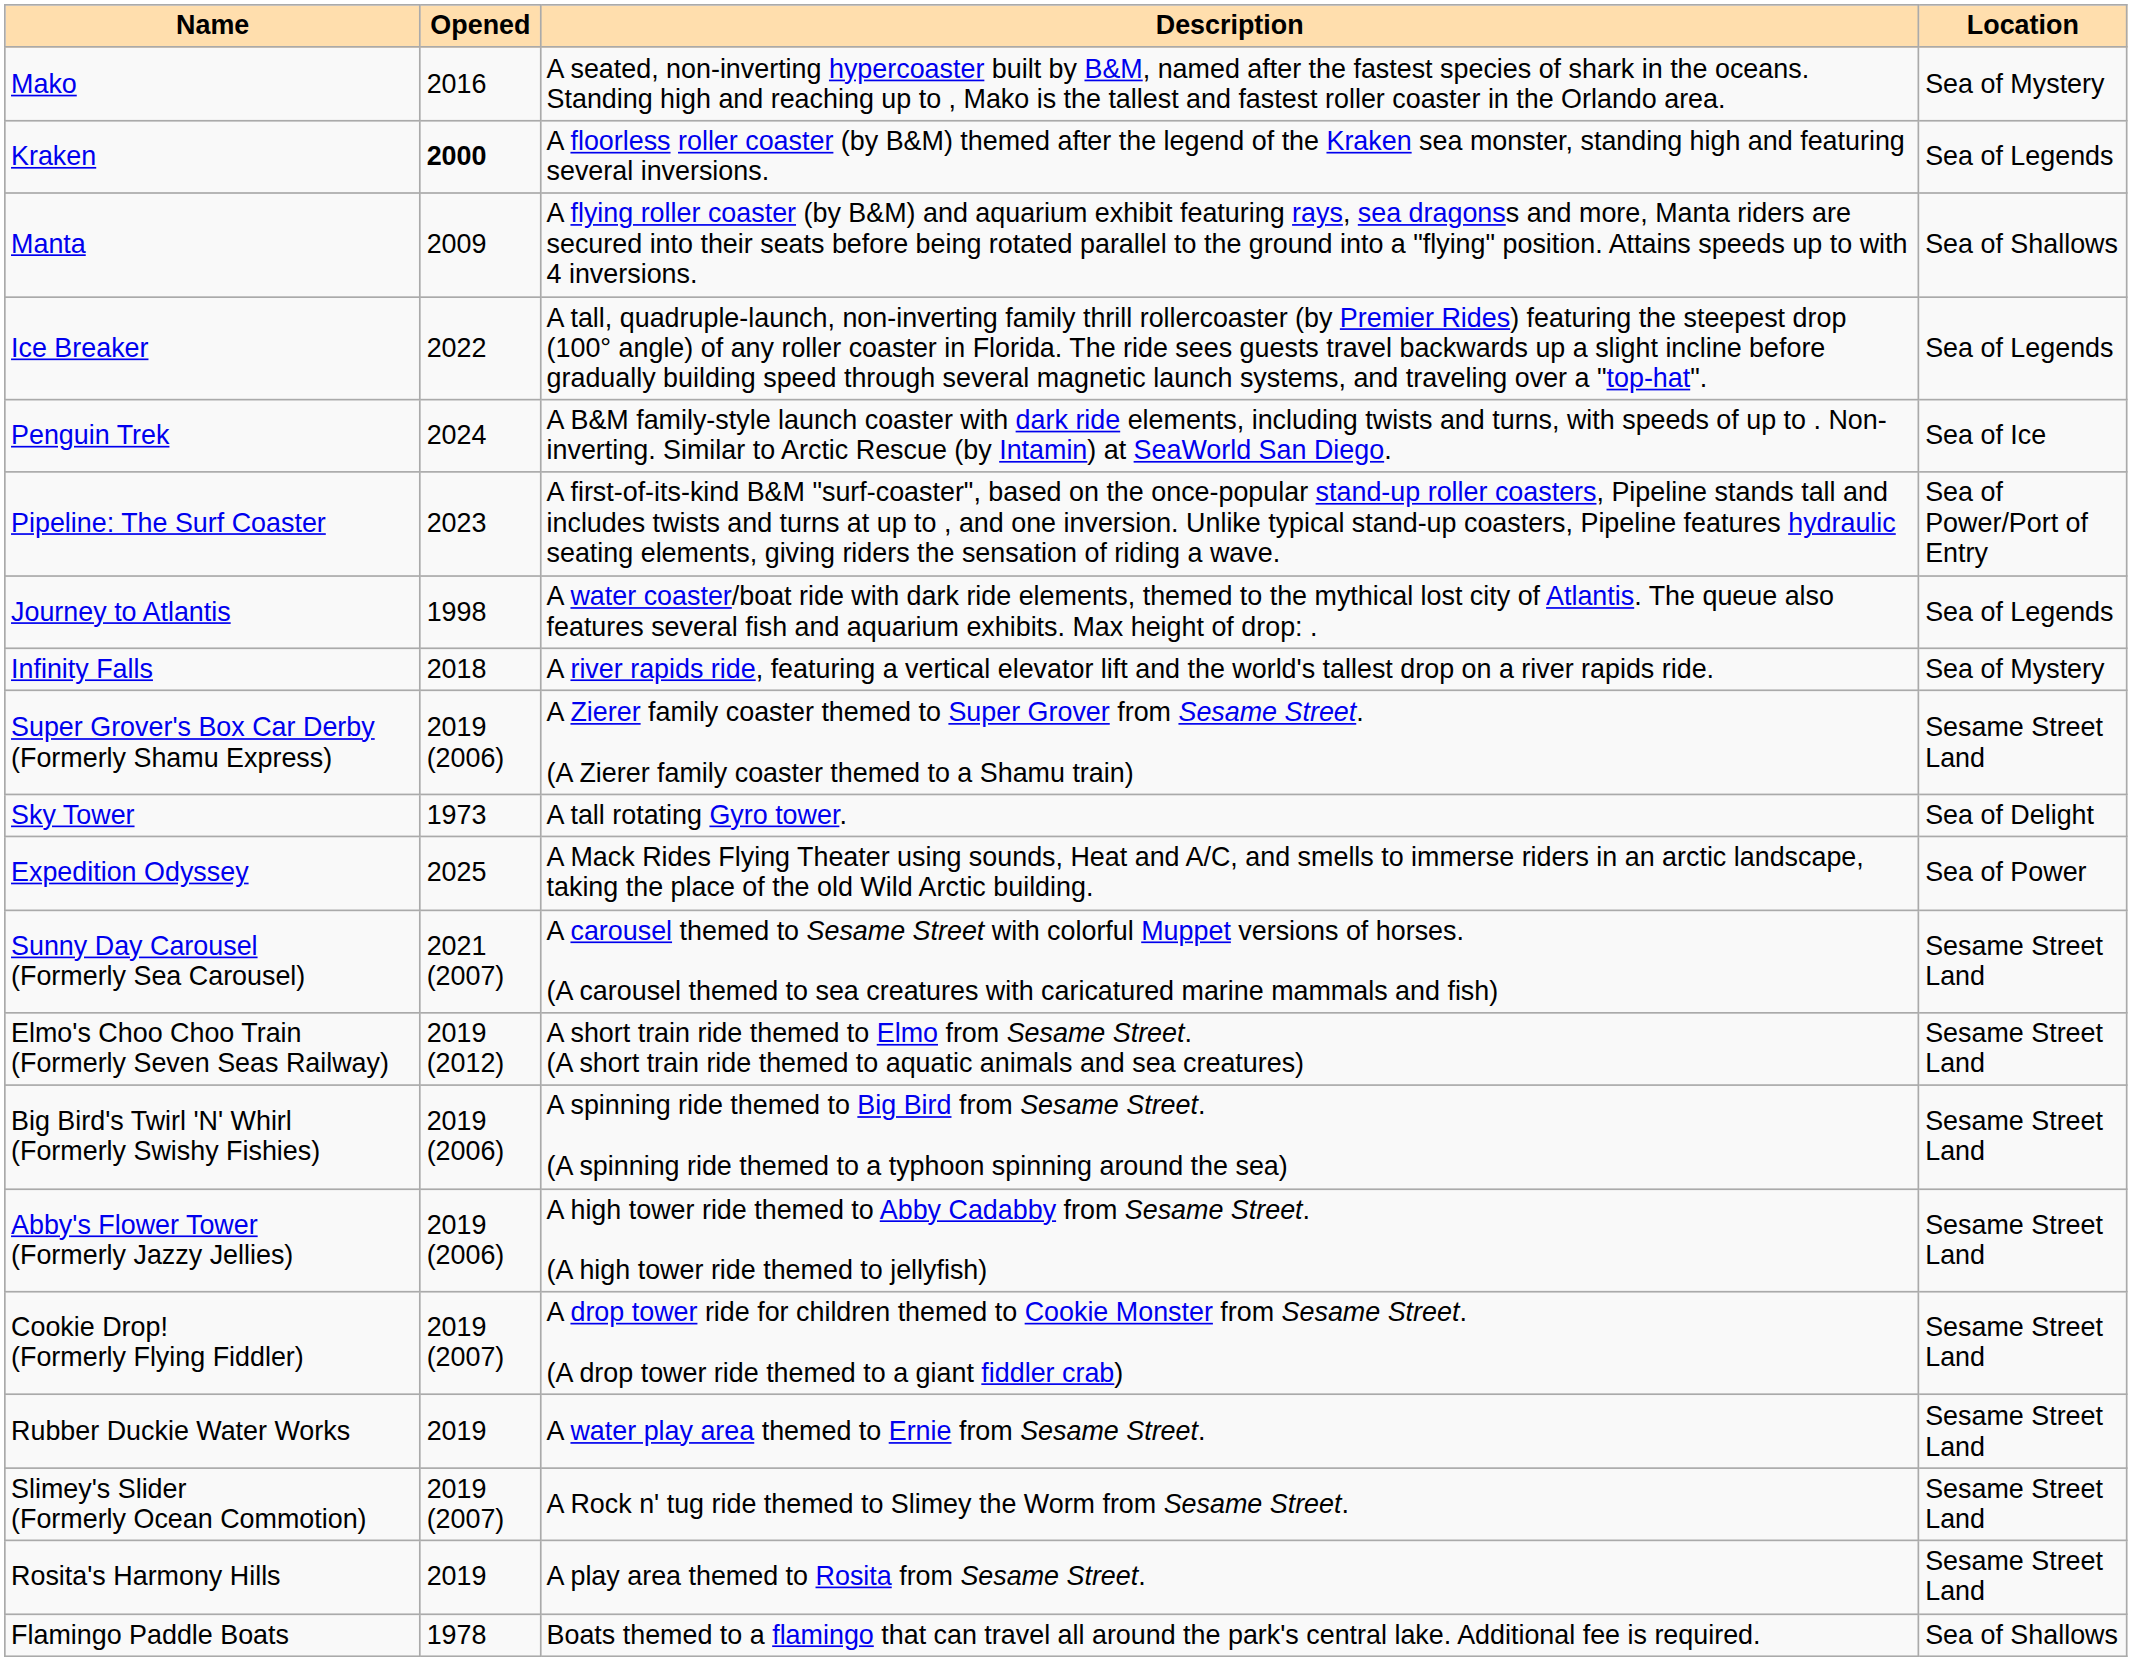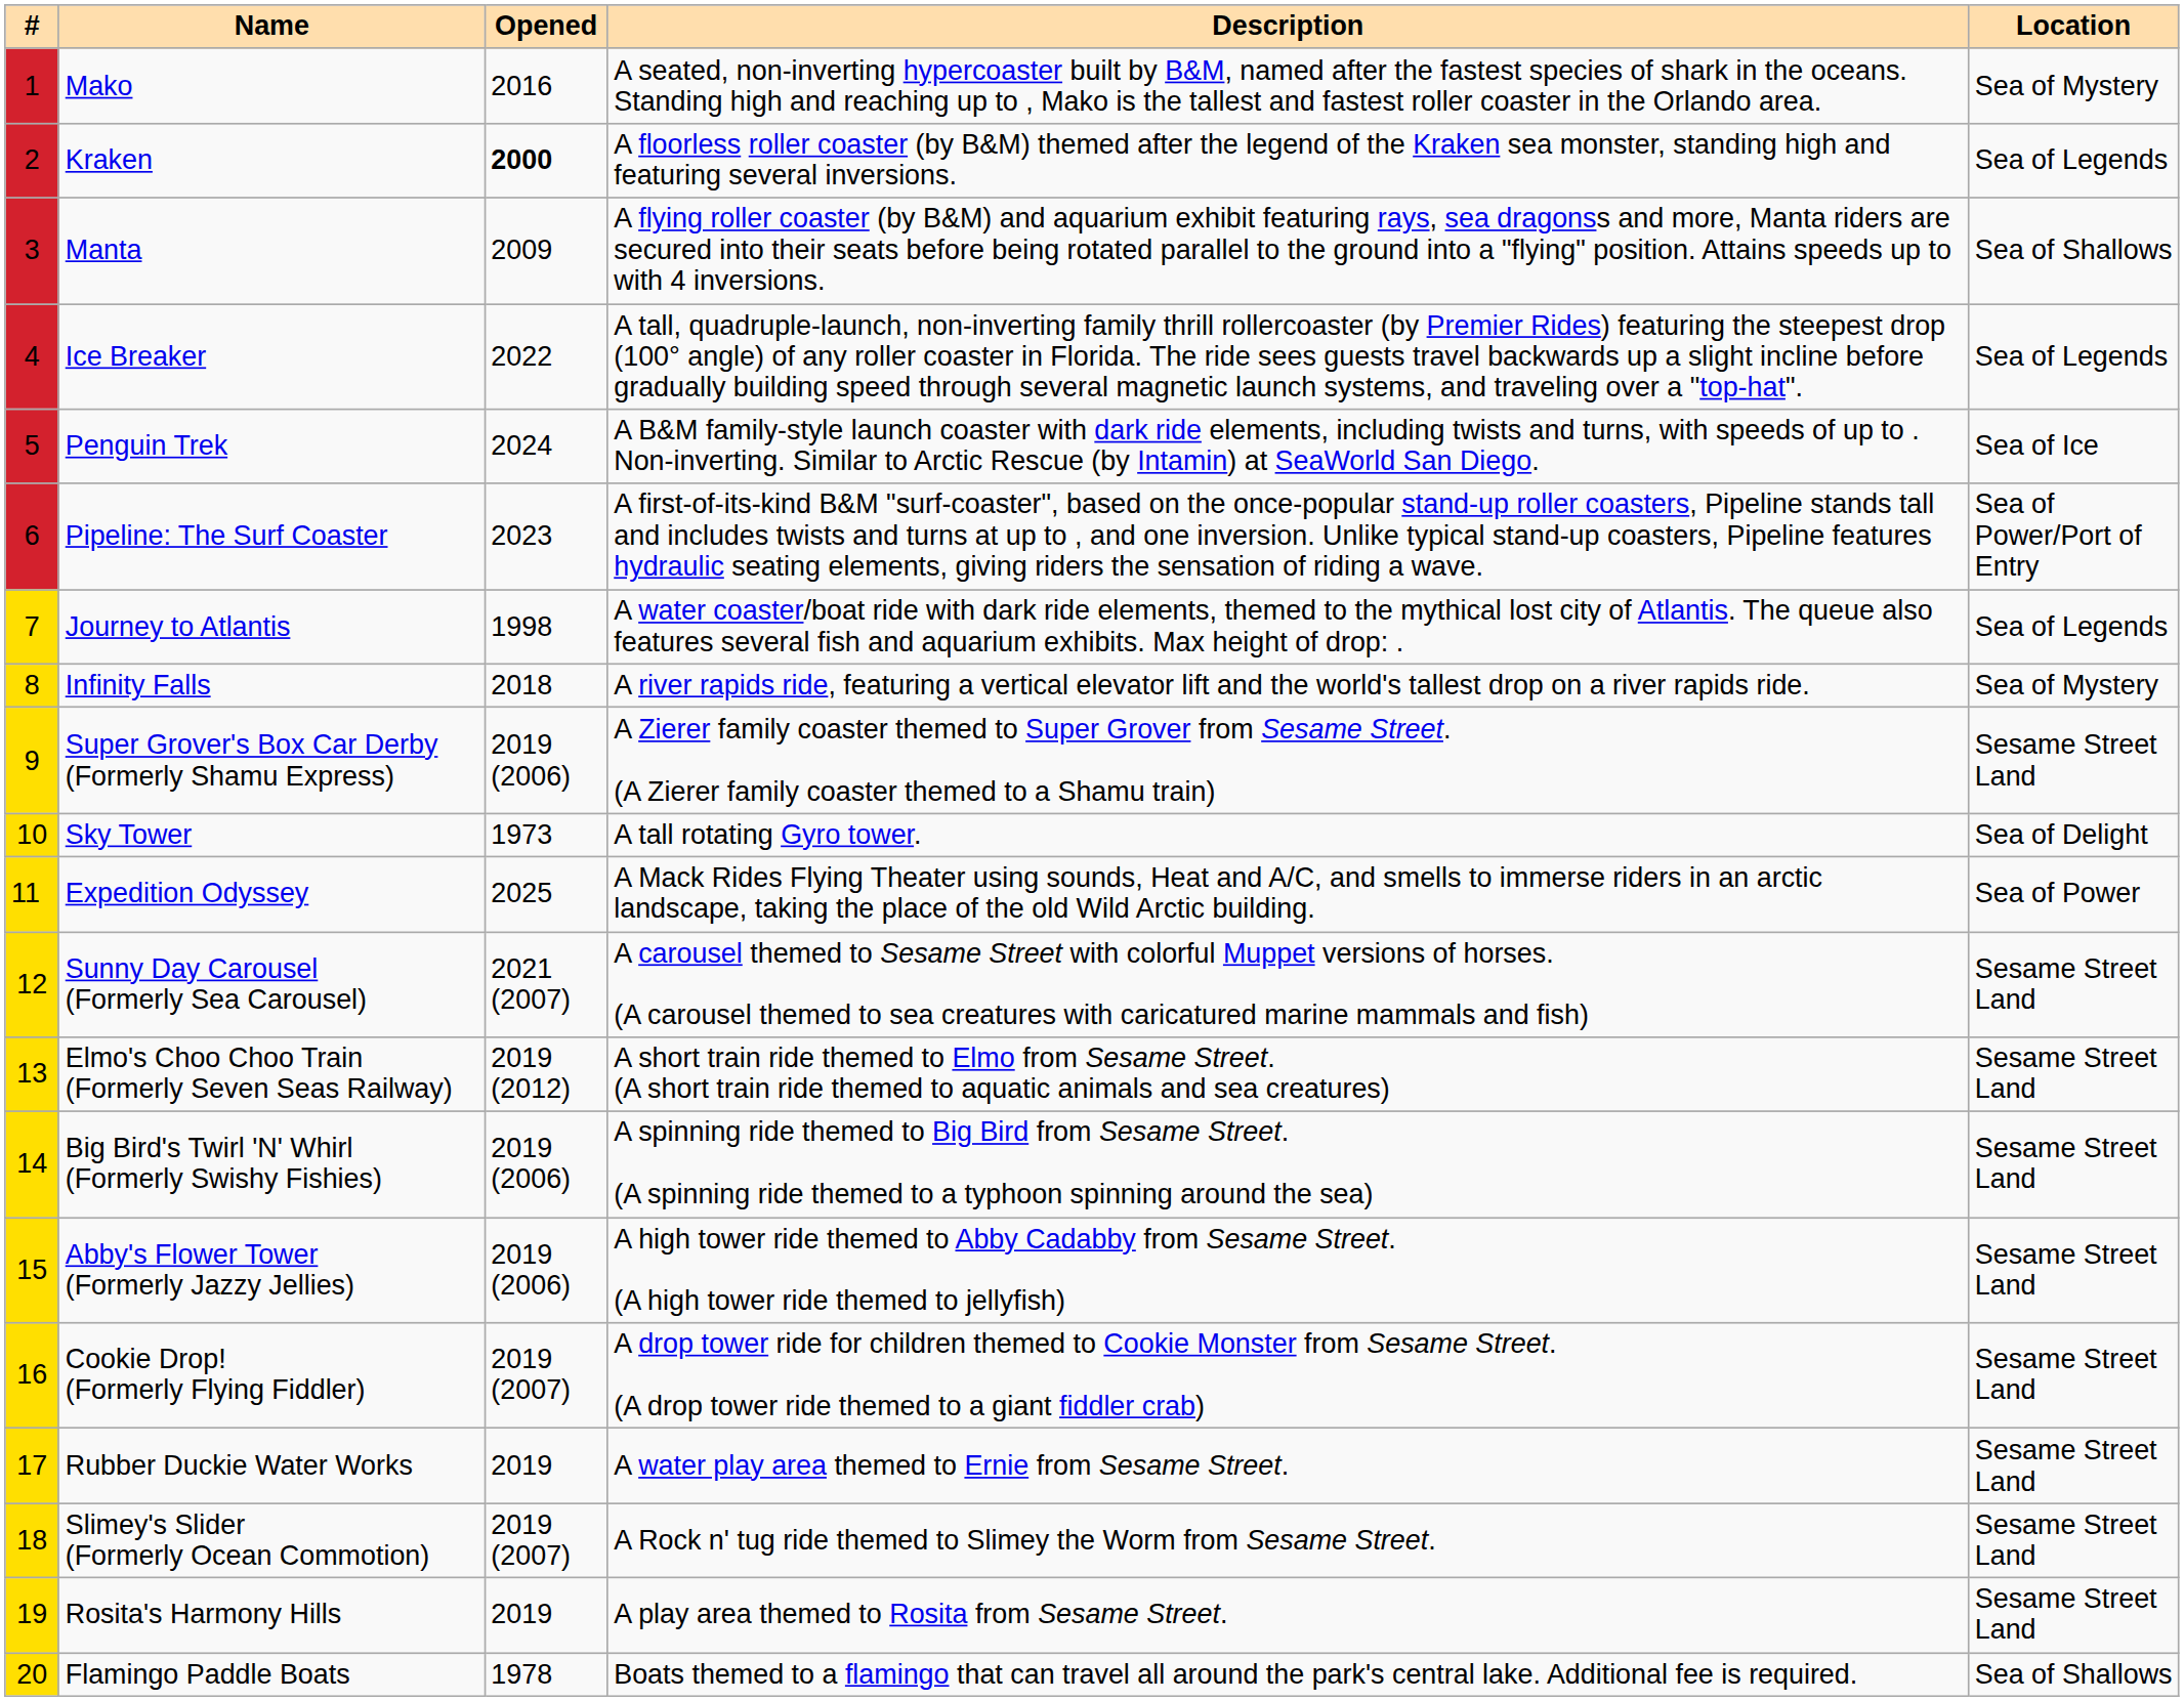 <table class="wikitable" style="width: 100%; font sizes: 95%;">
 <tr>
+<th style="background:#ffdead; width:1.5em;">#</th>
 <th style="background:#ffdead; width:15em;">Name</th>
 <th style="background:#ffdead; width:4em;">Opened</th>
 <th style="background:#ffdead;">Description</th>
 <th style="background:#ffdead;">Location</th>
 </tr>
 <tr>
+<td style="background:#d3212d; text-align:center;">1</td>
 <td><a href='#'>Mako</a></td>
 <td>2016</td>
 <td>A seated, non-inverting <a href='#'>hypercoaster</a> built by <a href='#'>B&M</a>, named after the fastest species of shark in the oceans. Standing  high and reaching up to , Mako is the tallest and fastest roller coaster in the Orlando area.</td>
 <td>Sea of Mystery</td>
 </tr>
 <tr>
+<td style="background:#d3212d; text-align:center;">2</td>
 <td><a href='#'>Kraken</a></td>
 <td><strong>2000</strong></td>
 <td>A <a href='#'>floorless</a> <a href='#'>roller coaster</a> (by B&M) themed after the legend of the <a href='#'>Kraken</a> sea monster, standing  high and featuring several inversions.</td>
 <td>Sea of Legends</td>
 </tr>
 <tr>
+<td style="background:#d3212d; text-align:center;">3</td>
 <td><a href='#'>Manta</a></td>
 <td>2009</td>
 <td>A   <a href='#'>flying roller coaster</a> (by B&M) and aquarium exhibit featuring <a href='#'>rays</a>, <a href='#'>sea dragons</a>s and more, Manta riders are secured into their seats before being rotated parallel to the ground into a "flying" position. Attains speeds up to  with 4 inversions.</td>
 <td>Sea of Shallows</td>
 </tr>
 <tr>
+<td style="background:#d3212d; text-align:center;">4</td>
 <td><a href='#'>Ice Breaker</a></td>
 <td>2022</td>
 <td>A  tall, quadruple-launch, non-inverting family thrill rollercoaster (by <a href='#'>Premier Rides</a>) featuring the steepest drop (100° angle) of any roller coaster in Florida. The ride sees guests travel backwards up a slight incline before gradually building speed through several magnetic launch systems, and traveling over a "<a href='#'>top-hat</a>".</td>
 <td>Sea of Legends</td>
 </tr>
 <tr>
+<td style="background:#d3212d; text-align:center;">5</td>
 <td><a href='#'>Penguin Trek</a></td>
 <td>2024</td>
 <td>A B&M family-style launch coaster with <a href='#'>dark ride</a> elements, including twists and turns, with speeds of up to . Non-inverting. Similar to Arctic Rescue (by <a href='#'>Intamin</a>) at <a href='#'>SeaWorld San Diego</a>.</td>
 <td>Sea of Ice</td>
 </tr>
 <tr>
+<td style="background:#d3212d; text-align:center;">6</td>
 <td><a href='#'>Pipeline: The Surf Coaster</a></td>
 <td>2023</td>
 <td>A first-of-its-kind B&M "surf-coaster", based on the once-popular <a href='#'>stand-up roller coasters</a>, Pipeline stands  tall and includes twists and turns at up to , and one inversion. Unlike typical stand-up coasters, Pipeline features <a href='#'>hydraulic</a> seating elements, giving riders the sensation of riding a wave.</td>
 <td>Sea of Power/Port of Entry</td>
 </tr>
 <tr>
+<td style="background:#ffdf00; text-align:center;">7</td>
 <td><a href='#'>Journey to Atlantis</a></td>
 <td>1998</td>
 <td>A <a href='#'>water coaster</a>/boat ride with dark ride elements, themed to the mythical lost city of <a href='#'>Atlantis</a>. The queue also features several fish and aquarium exhibits. Max height of drop: .</td>
 <td>Sea of Legends</td>
 </tr>
 <tr>
+<td style="background:#ffdf00; text-align:center;">8</td>
 <td><a href='#'>Infinity Falls</a></td>
 <td>2018</td>
 <td>A <a href='#'>river rapids ride</a>, featuring a vertical elevator lift and the world's tallest drop on a river rapids ride.</td>
 <td>Sea of Mystery</td>
 </tr>
 <tr>
+<td style="background:#ffdf00; text-align:center;">9</td>
 <td><a href='#'>Super Grover's Box Car Derby</a><br> (Formerly Shamu Express)</td>
 <td>2019 <br>(2006) </td>
 <td>A <a href='#'>Zierer</a> family coaster themed to <a href='#'>Super Grover</a> from <em><a href='#'>Sesame Street</a></em>.<br><br>(A Zierer family coaster themed to a Shamu  train)</td>
 <td>Sesame Street Land</td>
 </tr>
 <tr>
+<td style="background:#ffdf00; text-align:center;">10</td>
 <td><a href='#'>Sky Tower</a></td>
 <td>1973</td>
 <td>A  tall rotating <a href='#'>Gyro tower</a>.</td>
 <td>Sea of Delight</td>
 </tr>
 <tr>
+<td style="background:#ffdf00; text- align:center;">11</td>
 <td><a href='#'>Expedition Odyssey</a></td>
 <td>2025</td>
 <td>A Mack Rides Flying Theater using sounds, Heat and A/C, and smells to immerse riders in an arctic landscape, taking the place of the old Wild Arctic building.</td>
 <td>Sea of Power</td>
 </tr>
 <tr>
+<td style="background:#ffdf00; text-align:center;">12</td>
 <td><a href='#'>Sunny Day Carousel</a> <br> (Formerly Sea Carousel)</td>
 <td>2021 <br>(2007)</td>
 <td>A <a href='#'>carousel</a> themed to <em>Sesame Street</em> with colorful <a href='#'>Muppet</a> versions of horses.<br><br>(A carousel themed to sea creatures with caricatured marine mammals and fish)</td>
 <td>Sesame Street Land</td>
 </tr>
 <tr>
+<td style="background:#ffdf00; text-align:center;">13</td>
 <td>Elmo's Choo Choo Train <br>(Formerly Seven Seas Railway)</td>
 <td>2019 <br>(2012) <br></td>
 <td>A short train ride themed to <a href='#'>Elmo</a> from <em>Sesame Street</em>.<br>(A short train ride themed to aquatic animals and sea creatures)</td>
 <td>Sesame Street Land</td>
 </tr>
 <tr>
+<td style="background:#ffdf00; text-align:center;">14</td>
 <td>Big Bird's Twirl 'N' Whirl <br>(Formerly Swishy Fishies)</td>
 <td>2019 <br>(2006) </td>
 <td>A spinning ride themed to <a href='#'>Big Bird</a> from <em>Sesame Street</em>. <br><br>(A spinning ride themed to a typhoon spinning around the sea)</td>
 <td>Sesame Street Land</td>
 </tr>
 <tr>
+<td style="background:#ffdf00; text-align:center;">15</td>
 <td><a href='#'>Abby's Flower Tower</a> <br>(Formerly Jazzy Jellies)</td>
 <td>2019<br> (2006)</td>
 <td>A high tower ride themed to <a href='#'>Abby Cadabby</a> from <em>Sesame Street</em>.<br><br>(A high tower ride themed to jellyfish)</td>
 <td>Sesame Street Land</td>
 </tr>
 <tr>
+<td style="background:#ffdf00; text-align:center;">16</td>
 <td>Cookie Drop! <br>(Formerly Flying Fiddler)</td>
 <td>2019 <br>(2007)</td>
 <td>A <a href='#'>drop tower</a> ride for children themed to <a href='#'>Cookie Monster</a> from <em>Sesame Street</em>. <br><br>(A drop tower ride themed to a giant <a href='#'>fiddler crab</a>)</td>
 <td>Sesame Street Land</td>
 </tr>
 <tr>
+<td style="background:#ffdf00; text-align:center;">17</td>
 <td>Rubber Duckie Water Works</td>
 <td>2019</td>
 <td>A <a href='#'>water play area</a> themed to <a href='#'>Ernie</a> from <em>Sesame Street</em>.</td>
 <td>Sesame Street Land</td>
 </tr>
 <tr>
+<td style="background:#ffdf00; text-align:center;">18</td>
 <td>Slimey's Slider <br>(Formerly Ocean Commotion)</td>
 <td>2019<br> (2007)</td>
 <td>A Rock n' tug ride themed to Slimey the Worm from <em>Sesame Street</em>.</td>
 <td>Sesame Street Land</td>
 </tr>
 <tr>
+<td style="background:#ffdf00; text-align:center;">19</td>
 <td>Rosita's Harmony Hills</td>
 <td>2019</td>
 <td>A play area themed to <a href='#'>Rosita</a> from <em>Sesame Street</em>.</td>
 <td>Sesame Street Land</td>
 </tr>
 <tr>
+<td style="background:#ffdf00; text-align:center;">20</td>
 <td>Flamingo Paddle Boats</td>
 <td>1978</td>
 <td>Boats themed to a <a href='#'>flamingo</a> that can travel all around the park's central lake. Additional fee is required.</td>
 <td>Sea of Shallows</td>
 </tr>
 </table>
